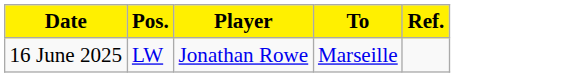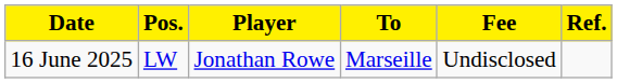 <table class="wikitable plainrowheaders sortable">
 <tr>
 <th style="background:#fff000;color:#000000;">Date</th>
 <th style="background:#fff000;color:#000000;">Pos.</th>
 <th style="background:#fff000;color:#000000;">Player</th>
 <th style="background:#fff000;color:#000000;">To</th>
+<th style="background:#fff000;color:#000000;">Fee</th>
 <th style="background:#fff000;color:#000000;">Ref.</th>
 </tr>
 <tr>
 <td>16 June 2025</td>
 <td><a href='#'>LW</a></td>
 <td> <a href='#'>Jonathan Rowe</a></td>
 <td> <a href='#'>Marseille</a></td>
+<td>Undisclosed</td>
 <td></td>
 </tr>
 </table>
